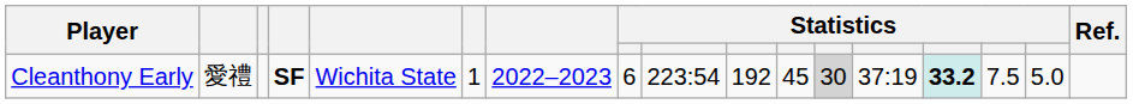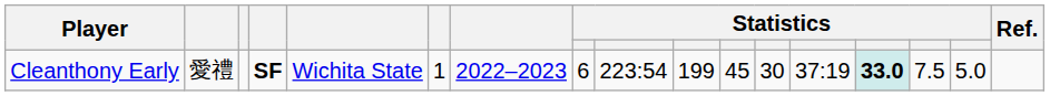 <table class="wikitable sortable" style="font-size:95%; text-align:right;">
 <tr>
 <th rowspan="2">Player</th>
 <th rowspan="2"></th>
 <th rowspan="2"></th>
 <th rowspan="2"></th>
 <th rowspan="2"></th>
 <th rowspan="2"></th>
 <th rowspan="2"></th>
 <th colspan="9">Statistics</th>
 <th rowspan="2">Ref.</th>
 </tr>
 <tr>
 <th></th>
 <th></th>
 <th></th>
 <th></th>
 <th></th>
 <th></th>
 <th></th>
 <th></th>
 <th></th>
 </tr>
 <tr>
 <td align="left"><a href='#'>Cleanthony Early</a></td>
 <td align="left">愛禮</td>
 <td align="center"></td>
 <td align="center"><strong>SF</strong></td>
 <td align="left"><a href='#'>Wichita State</a></td>
 <td align="center">1</td>
 <td align="center"><a href='#'>2022–2023</a></td>
 <td>6</td>
 <td>223:54</td>
-<td>192</td>
+<td>199</td>
 <td>45</td>
-<td style="background: lightgrey;">30</td>
+<td>30</td>
 <td>37:19</td>
-<td bgcolor="#CFECEC"><strong>33.2</strong></td>
+<td bgcolor="#CFECEC"><strong>33.0</strong></td>
 <td>7.5</td>
 <td>5.0</td>
 <td align="center"></td>
 </tr>
 </table>
